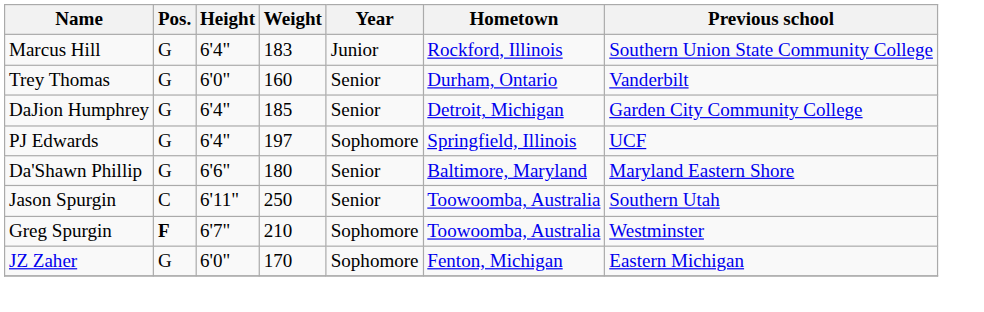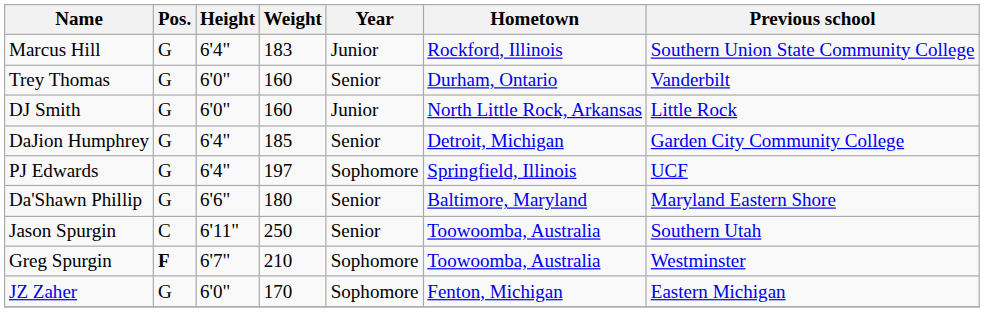 <table class="wikitable sortable" border="1">
 <tr align=center>
 <th>Name</th>
 <th>Pos.</th>
 <th>Height</th>
 <th>Weight</th>
 <th>Year</th>
 <th>Hometown</th>
 <th>Previous school</th>
 </tr>
 <tr>
 <td>Marcus Hill</td>
 <td>G</td>
 <td>6'4"</td>
 <td>183</td>
 <td>Junior</td>
 <td><a href='#'>Rockford, Illinois</a></td>
 <td><a href='#'>Southern Union State Community College</a></td>
 </tr>
 <tr>
 <td>Trey Thomas</td>
 <td>G</td>
 <td>6'0"</td>
 <td>160</td>
 <td>Senior</td>
 <td><a href='#'>Durham, Ontario</a></td>
 <td><a href='#'>Vanderbilt</a></td>
+</tr>
+<tr>
+<td>DJ Smith</td>
+<td>G</td>
+<td>6'0"</td>
+<td>160</td>
+<td>Junior</td>
+<td><a href='#'>North Little Rock, Arkansas</a></td>
+<td><a href='#'>Little Rock</a></td>
 </tr>
 <tr>
 <td>DaJion Humphrey</td>
 <td>G</td>
 <td>6'4"</td>
 <td>185</td>
 <td>Senior</td>
 <td><a href='#'>Detroit, Michigan</a></td>
 <td><a href='#'>Garden City Community College</a></td>
 </tr>
 <tr>
 <td>PJ Edwards</td>
 <td>G</td>
 <td>6'4"</td>
 <td>197</td>
 <td>Sophomore</td>
 <td><a href='#'>Springfield, Illinois</a></td>
 <td><a href='#'>UCF</a></td>
 </tr>
 <tr>
 <td>Da'Shawn Phillip</td>
 <td>G</td>
 <td>6'6"</td>
 <td>180</td>
 <td>Senior</td>
 <td><a href='#'>Baltimore, Maryland</a></td>
 <td><a href='#'>Maryland Eastern Shore</a></td>
 </tr>
 <tr>
 <td>Jason Spurgin</td>
 <td>C</td>
 <td>6'11"</td>
 <td>250</td>
 <td>Senior</td>
 <td><a href='#'>Toowoomba, Australia</a></td>
 <td><a href='#'>Southern Utah</a></td>
 </tr>
 <tr>
 <td>Greg Spurgin</td>
 <td><strong>F</strong></td>
 <td>6'7"</td>
 <td>210</td>
 <td>Sophomore</td>
 <td><a href='#'>Toowoomba, Australia</a></td>
 <td><a href='#'>Westminster</a></td>
 </tr>
 <tr>
 <td><a href='#'>JZ Zaher</a></td>
 <td>G</td>
 <td>6'0"</td>
 <td>170</td>
 <td>Sophomore</td>
 <td><a href='#'>Fenton, Michigan</a></td>
 <td><a href='#'>Eastern Michigan</a></td>
 </tr>
 <tr>
 </tr>
 </table>
